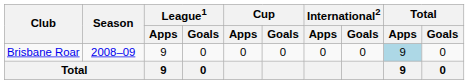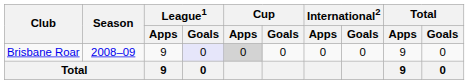 <table class="wikitable" style="text-align: center;">
 <tr>
 <th rowspan="2">Club</th>
 <th rowspan="2" width="80">Season</th>
 <th colspan="2" width="105">League<sup>1</sup></th>
 <th colspan="2" width="105">Cup</th>
 <th colspan="2" width="105">International<sup>2</sup></th>
 <th colspan="2" width="105">Total</th>
 </tr>
 <tr>
 <th>Apps</th>
 <th>Goals</th>
 <th>Apps</th>
 <th>Goals</th>
 <th>Apps</th>
 <th>Goals</th>
 <th>Apps</th>
 <th>Goals</th>
 </tr>
 <tr>
 <td rowspan="1" valign="center"><a href='#'>Brisbane Roar</a></td>
 <td><a href='#'>2008–09</a></td>
 <td>9</td>
+<td style="background: lavender;">0</td>
+<td style="background: lightgrey;">0</td>
 <td>0</td>
 <td>0</td>
 <td>0</td>
-<td>0</td>
-<td>0</td>
-<td style="background: lightblue;">9</td>
+<td>9</td>
 <td>0</td>
 </tr>
 <tr>
 <th colspan="2">Total</th>
 <th>9</th>
 <th>0</th>
 <th></th>
 <th></th>
 <th></th>
 <th></th>
 <th>9</th>
 <th>0</th>
 </tr>
 </table>
